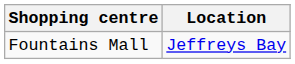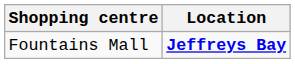 <table class="wikitable sortable">
 <tr>
 <th>Shopping centre</th>
 <th>Location</th>
 </tr>
 <tr>
 <td>Fountains Mall</td>
-<td><a href='#'>Jeffreys Bay</a></td>
+<td><strong><a href='#'>Jeffreys Bay</a></strong></td>
 </tr>
 </table>
